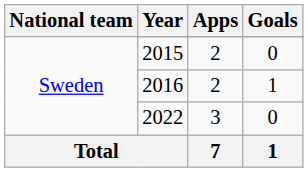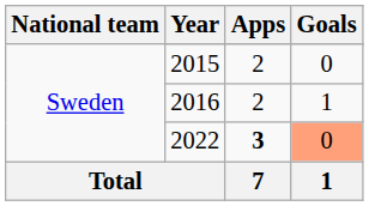 <table class="wikitable" style="text-align:center">
 <tr>
 <th>National team</th>
 <th>Year</th>
 <th>Apps</th>
 <th>Goals</th>
 </tr>
 <tr>
 <td rowspan="4"><a href='#'>Sweden</a></td>
 </tr>
 <tr>
 <td>2015</td>
 <td>2</td>
 <td>0</td>
 </tr>
 <tr>
 <td>2016</td>
 <td>2</td>
 <td>1</td>
 </tr>
 <tr>
 <td>2022</td>
-<td>3</td>
-<td>0</td>
+<td><strong>3</strong></td>
+<td style="background: lightsalmon;">0</td>
 </tr>
 <tr>
 <th colspan="2">Total</th>
 <th>7</th>
 <th>1</th>
 </tr>
 </table>
